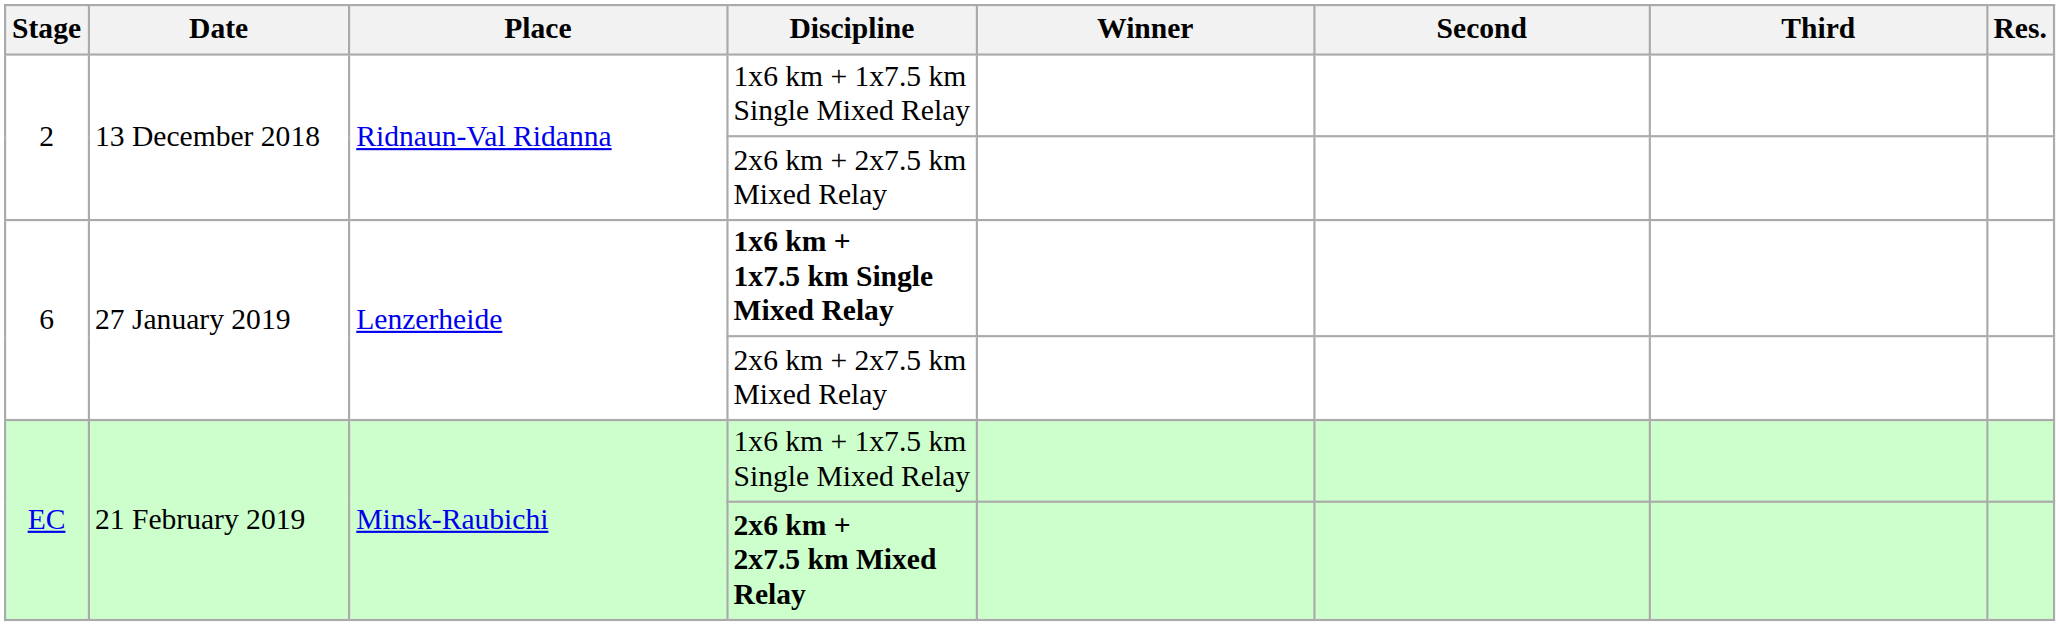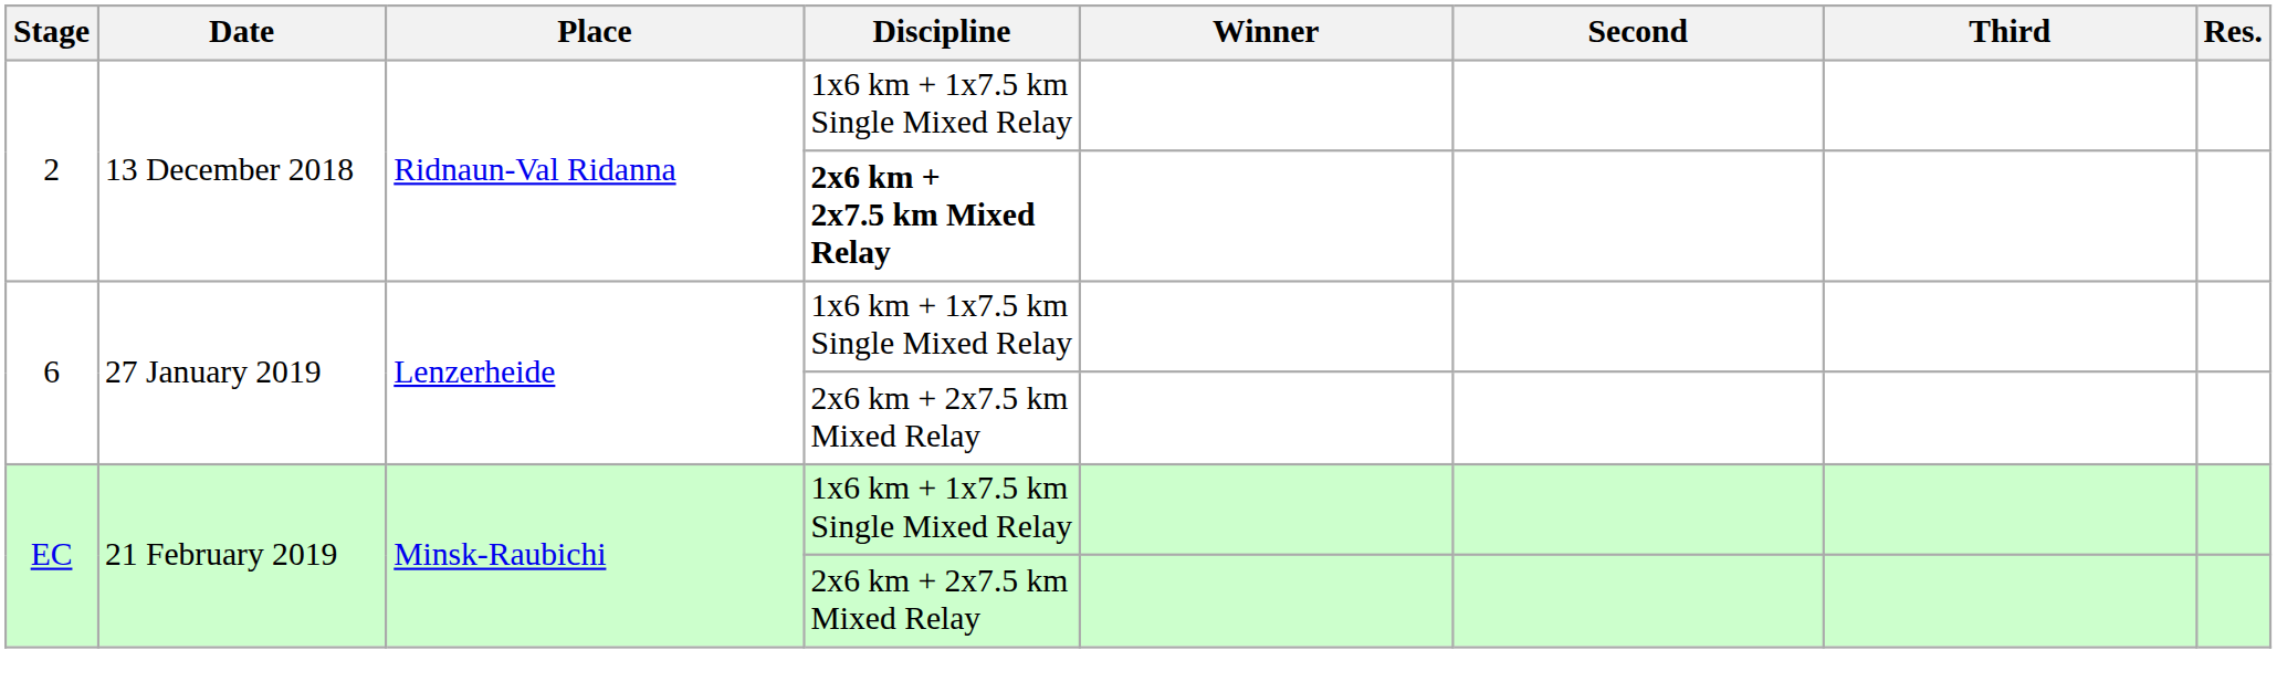 <table class="wikitable plainrowheaders" style="background:#fff; font-size:86%; line-height:16px; border:grey solid 1px; border-collapse:collapse;">
 <tr>
 <th width="20">Stage</th>
 <th width="115">Date</th>
 <th width="169">Place</th>
 <th width="110">Discipline</th>
 <th width="150">Winner</th>
 <th width="150">Second</th>
 <th width="150">Third</th>
 <th width="10">Res.</th>
 </tr>
 <tr>
 <td align=center rowspan="2">2</td>
 <td rowspan="2">13 December 2018</td>
 <td rowspan="2"> <a href='#'>Ridnaun-Val Ridanna</a></td>
 <td>1x6 km + 1x7.5 km Single Mixed Relay</td>
 <td></td>
 <td></td>
 <td></td>
 <td></td>
 </tr>
 <tr>
-<td>2x6 km + 2x7.5 km Mixed Relay</td>
+<td><strong>2x6 km + 2x7.5 km Mixed Relay</strong></td>
 <td></td>
 <td></td>
 <td></td>
 <td></td>
 </tr>
 <tr>
 <td align=center rowspan="2">6</td>
 <td rowspan="2">27 January 2019</td>
 <td rowspan="2"> <a href='#'>Lenzerheide</a></td>
-<td><strong>1x6 km + 1x7.5 km Single Mixed Relay</strong></td>
+<td>1x6 km + 1x7.5 km Single Mixed Relay</td>
 <td></td>
 <td></td>
 <td></td>
 <td></td>
 </tr>
 <tr>
 <td>2x6 km + 2x7.5 km Mixed Relay</td>
 <td></td>
 <td></td>
 <td></td>
 <td></td>
 </tr>
 <tr style="background:#CCFFCC">
 <td align=center rowspan="2"><a href='#'>EC</a></td>
 <td rowspan="2">21 February 2019</td>
 <td rowspan="2"> <a href='#'>Minsk-Raubichi</a></td>
 <td>1x6 km + 1x7.5 km Single Mixed Relay</td>
 <td></td>
 <td></td>
 <td></td>
 <td></td>
 </tr>
 <tr style="background:#CCFFCC">
-<td><strong>2x6 km + 2x7.5 km Mixed Relay</strong></td>
+<td>2x6 km + 2x7.5 km Mixed Relay</td>
 <td></td>
 <td></td>
 <td></td>
 <td></td>
 </tr>
 </table>
